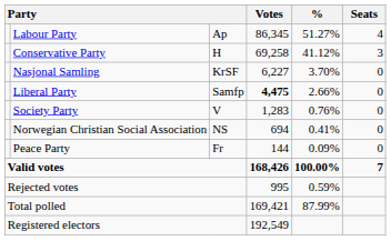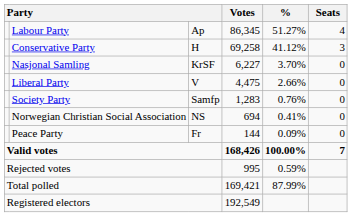 <table class="wikitable" border="1" style="text-align:right;">
 <tr>
 <th style="text-align:left;" colspan=3>Party</th>
 <th align=center width="50">Votes</th>
 <th align=center width="50">%</th>
 <th align=center width="50">Seats</th>
 </tr>
 <tr>
 <td style="color:inherit;background:"></td>
 <td align=left><a href='#'>Labour Party</a></td>
 <td align=left>Ap</td>
 <td>86,345</td>
 <td>51.27%</td>
 <td>4</td>
 </tr>
 <tr>
 <td style="color:inherit;background:"></td>
 <td align=left><a href='#'>Conservative Party</a></td>
 <td align=left>H</td>
 <td>69,258</td>
 <td>41.12%</td>
 <td>3</td>
 </tr>
 <tr>
 <td style="color:inherit;background:"></td>
 <td align=left><a href='#'>Nasjonal Samling</a></td>
 <td align=left>KrSF</td>
 <td>6,227</td>
 <td>3.70%</td>
 <td>0</td>
 </tr>
 <tr>
 <td style="color:inherit;background:"></td>
 <td align=left><a href='#'>Liberal Party</a></td>
-<td align=left>Samfp</td>
-<td><strong>4,475</strong></td>
+<td align=left>V</td>
+<td>4,475</td>
 <td>2.66%</td>
 <td>0</td>
 </tr>
 <tr>
 <td></td>
 <td align=left><a href='#'>Society Party</a></td>
-<td align=left>V</td>
+<td align=left>Samfp</td>
 <td>1,283</td>
 <td>0.76%</td>
 <td>0</td>
 </tr>
 <tr>
 <td></td>
 <td align=left>Norwegian Christian Social Association</td>
 <td align=left>NS</td>
 <td>694</td>
 <td>0.41%</td>
 <td>0</td>
 </tr>
 <tr>
 <td></td>
 <td align=left>Peace Party</td>
 <td align=left>Fr</td>
 <td>144</td>
 <td>0.09%</td>
 <td>0</td>
 </tr>
 <tr style="font-weight:bold">
 <td align=left colspan=3>Valid votes</td>
 <td>168,426</td>
 <td>100.00%</td>
 <td>7</td>
 </tr>
 <tr>
 <td align=left colspan=3>Rejected votes</td>
 <td>995</td>
 <td>0.59%</td>
 <td></td>
 </tr>
 <tr>
 <td align=left colspan=3>Total polled</td>
 <td>169,421</td>
 <td>87.99%</td>
 <td></td>
 </tr>
 <tr>
 <td align=left colspan=3>Registered electors</td>
 <td>192,549</td>
 <td></td>
 <td></td>
 </tr>
 </table>
